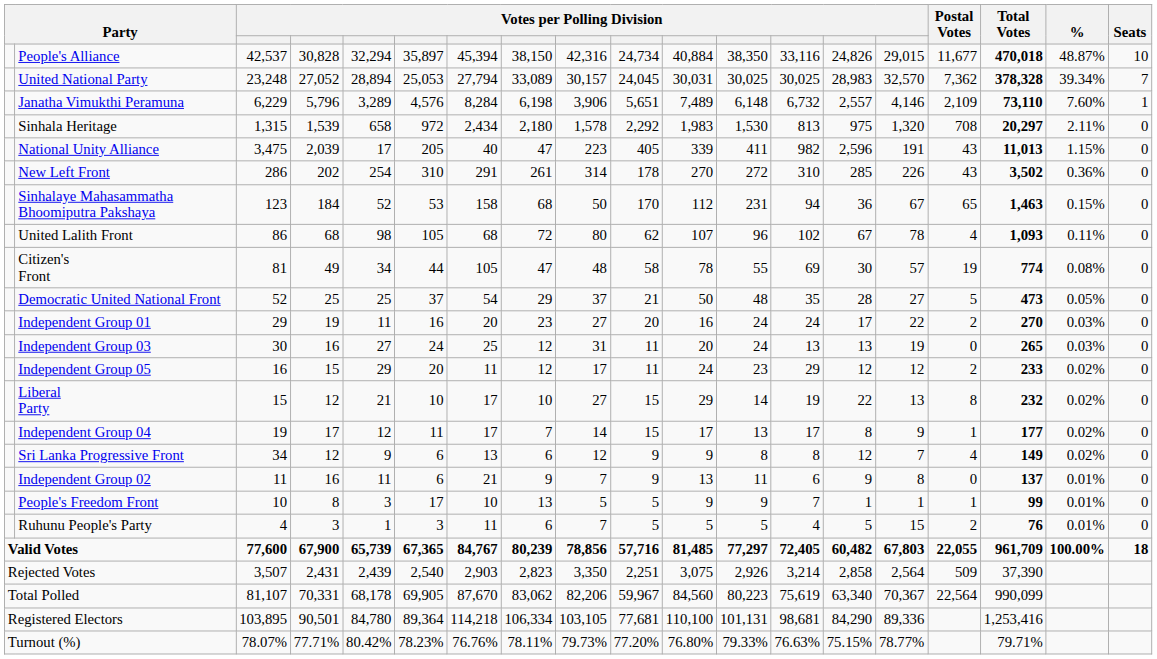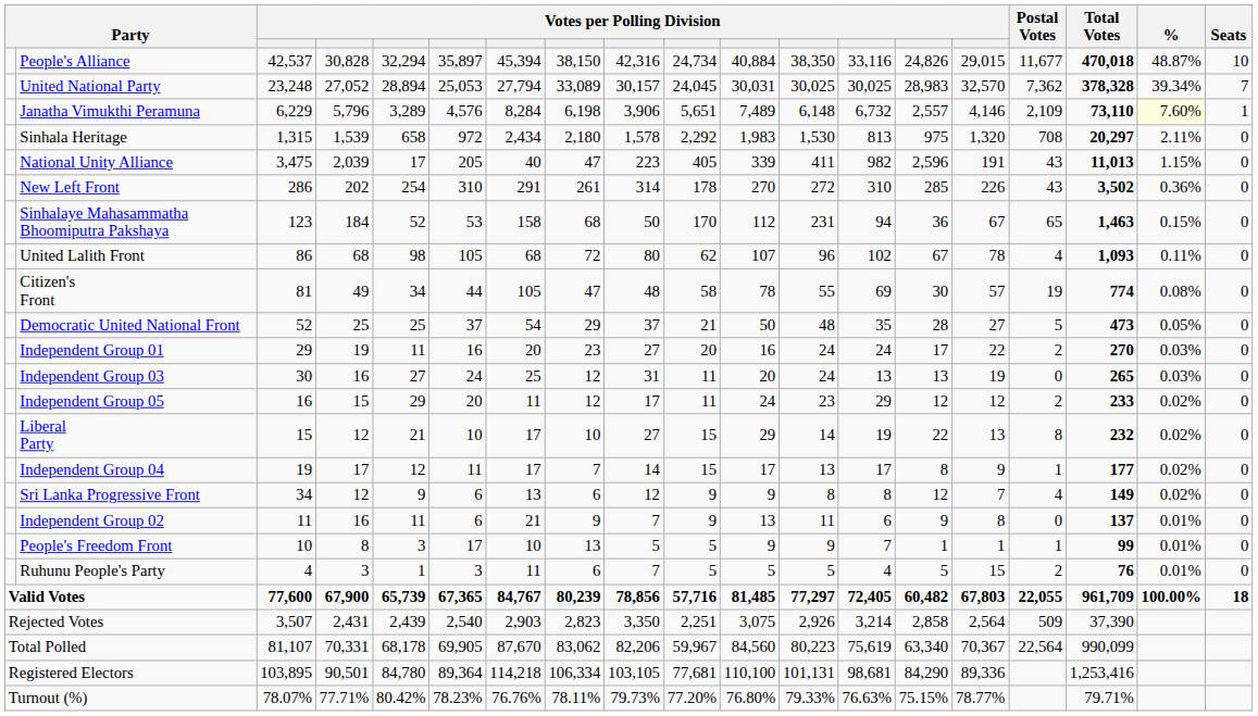 <table class="wikitable" border="1" style="text-align:right;">
 <tr>
 <th align=left valign=bottom rowspan=2 colspan=2>Party</th>
 <th colspan=13>Votes per Polling Division</th>
 <th align=center valign=bottom rowspan=2 width="50">Postal<br>Votes</th>
 <th align=center valign=bottom rowspan=2 width="50">Total Votes</th>
 <th align=center valign=bottom rowspan=2 width="50">%</th>
 <th align=center valign=bottom rowspan=2 width="40">Seats</th>
 </tr>
 <tr>
 <th></th>
 <th></th>
 <th></th>
 <th></th>
 <th></th>
 <th></th>
 <th></th>
 <th></th>
 <th></th>
 <th></th>
 <th></th>
 <th></th>
 <th></th>
 </tr>
 <tr>
 <td bgcolor=> </td>
 <td align=left><a href='#'>People's Alliance</a></td>
 <td>42,537</td>
 <td>30,828</td>
 <td>32,294</td>
 <td>35,897</td>
 <td>45,394</td>
 <td>38,150</td>
 <td>42,316</td>
 <td>24,734</td>
 <td>40,884</td>
 <td>38,350</td>
 <td>33,116</td>
 <td>24,826</td>
 <td>29,015</td>
 <td>11,677</td>
 <td><strong>470,018</strong></td>
 <td>48.87%</td>
 <td>10</td>
 </tr>
 <tr>
 <td bgcolor=> </td>
 <td align=left><a href='#'>United National Party</a></td>
 <td>23,248</td>
 <td>27,052</td>
 <td>28,894</td>
 <td>25,053</td>
 <td>27,794</td>
 <td>33,089</td>
 <td>30,157</td>
 <td>24,045</td>
 <td>30,031</td>
 <td>30,025</td>
 <td>30,025</td>
 <td>28,983</td>
 <td>32,570</td>
 <td>7,362</td>
 <td><strong>378,328</strong></td>
 <td>39.34%</td>
 <td>7</td>
 </tr>
 <tr>
 <td bgcolor=> </td>
 <td align=left><a href='#'>Janatha Vimukthi Peramuna</a></td>
 <td>6,229</td>
 <td>5,796</td>
 <td>3,289</td>
 <td>4,576</td>
 <td>8,284</td>
 <td>6,198</td>
 <td>3,906</td>
 <td>5,651</td>
 <td>7,489</td>
 <td>6,148</td>
 <td>6,732</td>
 <td>2,557</td>
 <td>4,146</td>
 <td>2,109</td>
 <td><strong>73,110</strong></td>
-<td>7.60%</td>
+<td style="background: lightyellow;">7.60%</td>
 <td>1</td>
 </tr>
 <tr>
 <td bgcolor=> </td>
 <td align=left>Sinhala Heritage</td>
 <td>1,315</td>
 <td>1,539</td>
 <td>658</td>
 <td>972</td>
 <td>2,434</td>
 <td>2,180</td>
 <td>1,578</td>
 <td>2,292</td>
 <td>1,983</td>
 <td>1,530</td>
 <td>813</td>
 <td>975</td>
 <td>1,320</td>
 <td>708</td>
 <td><strong>20,297</strong></td>
 <td>2.11%</td>
 <td>0</td>
 </tr>
 <tr>
 <td bgcolor=> </td>
 <td align=left><a href='#'>National Unity Alliance</a></td>
 <td>3,475</td>
 <td>2,039</td>
 <td>17</td>
 <td>205</td>
 <td>40</td>
 <td>47</td>
 <td>223</td>
 <td>405</td>
 <td>339</td>
 <td>411</td>
 <td>982</td>
 <td>2,596</td>
 <td>191</td>
 <td>43</td>
 <td><strong>11,013</strong></td>
 <td>1.15%</td>
 <td>0</td>
 </tr>
 <tr>
 <td bgcolor=> </td>
 <td align=left><a href='#'>New Left Front</a></td>
 <td>286</td>
 <td>202</td>
 <td>254</td>
 <td>310</td>
 <td>291</td>
 <td>261</td>
 <td>314</td>
 <td>178</td>
 <td>270</td>
 <td>272</td>
 <td>310</td>
 <td>285</td>
 <td>226</td>
 <td>43</td>
 <td><strong>3,502</strong></td>
 <td>0.36%</td>
 <td>0</td>
 </tr>
 <tr>
 <td bgcolor=> </td>
 <td align=left><a href='#'>Sinhalaye Mahasammatha Bhoomiputra Pakshaya</a></td>
 <td>123</td>
 <td>184</td>
 <td>52</td>
 <td>53</td>
 <td>158</td>
 <td>68</td>
 <td>50</td>
 <td>170</td>
 <td>112</td>
 <td>231</td>
 <td>94</td>
 <td>36</td>
 <td>67</td>
 <td>65</td>
 <td><strong>1,463</strong></td>
 <td>0.15%</td>
 <td>0</td>
 </tr>
 <tr>
 <td bgcolor=> </td>
 <td align=left>United Lalith Front</td>
 <td>86</td>
 <td>68</td>
 <td>98</td>
 <td>105</td>
 <td>68</td>
 <td>72</td>
 <td>80</td>
 <td>62</td>
 <td>107</td>
 <td>96</td>
 <td>102</td>
 <td>67</td>
 <td>78</td>
 <td>4</td>
 <td><strong>1,093</strong></td>
 <td>0.11%</td>
 <td>0</td>
 </tr>
 <tr>
 <td bgcolor=> </td>
 <td align=left>Citizen's<br>Front</td>
 <td>81</td>
 <td>49</td>
 <td>34</td>
 <td>44</td>
 <td>105</td>
 <td>47</td>
 <td>48</td>
 <td>58</td>
 <td>78</td>
 <td>55</td>
 <td>69</td>
 <td>30</td>
 <td>57</td>
 <td>19</td>
 <td><strong>774</strong></td>
 <td>0.08%</td>
 <td>0</td>
 </tr>
 <tr>
 <td bgcolor=> </td>
 <td align=left><a href='#'>Democratic United National Front</a></td>
 <td>52</td>
 <td>25</td>
 <td>25</td>
 <td>37</td>
 <td>54</td>
 <td>29</td>
 <td>37</td>
 <td>21</td>
 <td>50</td>
 <td>48</td>
 <td>35</td>
 <td>28</td>
 <td>27</td>
 <td>5</td>
 <td><strong>473</strong></td>
 <td>0.05%</td>
 <td>0</td>
 </tr>
 <tr>
 <td bgcolor=> </td>
 <td align=left><a href='#'>Independent Group 01</a></td>
 <td>29</td>
 <td>19</td>
 <td>11</td>
 <td>16</td>
 <td>20</td>
 <td>23</td>
 <td>27</td>
 <td>20</td>
 <td>16</td>
 <td>24</td>
 <td>24</td>
 <td>17</td>
 <td>22</td>
 <td>2</td>
 <td><strong>270</strong></td>
 <td>0.03%</td>
 <td>0</td>
 </tr>
 <tr>
 <td bgcolor=> </td>
 <td align=left><a href='#'>Independent Group 03</a></td>
 <td>30</td>
 <td>16</td>
 <td>27</td>
 <td>24</td>
 <td>25</td>
 <td>12</td>
 <td>31</td>
 <td>11</td>
 <td>20</td>
 <td>24</td>
 <td>13</td>
 <td>13</td>
 <td>19</td>
 <td>0</td>
 <td><strong>265</strong></td>
 <td>0.03%</td>
 <td>0</td>
 </tr>
 <tr>
 <td bgcolor=> </td>
 <td align=left><a href='#'>Independent Group 05</a></td>
 <td>16</td>
 <td>15</td>
 <td>29</td>
 <td>20</td>
 <td>11</td>
 <td>12</td>
 <td>17</td>
 <td>11</td>
 <td>24</td>
 <td>23</td>
 <td>29</td>
 <td>12</td>
 <td>12</td>
 <td>2</td>
 <td><strong>233</strong></td>
 <td>0.02%</td>
 <td>0</td>
 </tr>
 <tr>
 <td bgcolor=> </td>
 <td align=left><a href='#'>Liberal<br>Party</a></td>
 <td>15</td>
 <td>12</td>
 <td>21</td>
 <td>10</td>
 <td>17</td>
 <td>10</td>
 <td>27</td>
 <td>15</td>
 <td>29</td>
 <td>14</td>
 <td>19</td>
 <td>22</td>
 <td>13</td>
 <td>8</td>
 <td><strong>232</strong></td>
 <td>0.02%</td>
 <td>0</td>
 </tr>
 <tr>
 <td bgcolor=> </td>
 <td align=left><a href='#'>Independent Group 04</a></td>
 <td>19</td>
 <td>17</td>
 <td>12</td>
 <td>11</td>
 <td>17</td>
 <td>7</td>
 <td>14</td>
 <td>15</td>
 <td>17</td>
 <td>13</td>
 <td>17</td>
 <td>8</td>
 <td>9</td>
 <td>1</td>
 <td><strong>177</strong></td>
 <td>0.02%</td>
 <td>0</td>
 </tr>
 <tr>
 <td bgcolor=> </td>
 <td align=left><a href='#'>Sri Lanka Progressive Front</a></td>
 <td>34</td>
 <td>12</td>
 <td>9</td>
 <td>6</td>
 <td>13</td>
 <td>6</td>
 <td>12</td>
 <td>9</td>
 <td>9</td>
 <td>8</td>
 <td>8</td>
 <td>12</td>
 <td>7</td>
 <td>4</td>
 <td><strong>149</strong></td>
 <td>0.02%</td>
 <td>0</td>
 </tr>
 <tr>
 <td bgcolor=> </td>
 <td align=left><a href='#'>Independent Group 02</a></td>
 <td>11</td>
 <td>16</td>
 <td>11</td>
 <td>6</td>
 <td>21</td>
 <td>9</td>
 <td>7</td>
 <td>9</td>
 <td>13</td>
 <td>11</td>
 <td>6</td>
 <td>9</td>
 <td>8</td>
 <td>0</td>
 <td><strong>137</strong></td>
 <td>0.01%</td>
 <td>0</td>
 </tr>
 <tr>
 <td bgcolor=> </td>
 <td align=left><a href='#'>People's Freedom Front</a></td>
 <td>10</td>
 <td>8</td>
 <td>3</td>
 <td>17</td>
 <td>10</td>
 <td>13</td>
 <td>5</td>
 <td>5</td>
 <td>9</td>
 <td>9</td>
 <td>7</td>
 <td>1</td>
 <td>1</td>
 <td>1</td>
 <td><strong>99</strong></td>
 <td>0.01%</td>
 <td>0</td>
 </tr>
 <tr>
 <td bgcolor=> </td>
 <td align=left>Ruhunu People's Party</td>
 <td>4</td>
 <td>3</td>
 <td>1</td>
 <td>3</td>
 <td>11</td>
 <td>6</td>
 <td>7</td>
 <td>5</td>
 <td>5</td>
 <td>5</td>
 <td>4</td>
 <td>5</td>
 <td>15</td>
 <td>2</td>
 <td><strong>76</strong></td>
 <td>0.01%</td>
 <td>0</td>
 </tr>
 <tr>
 <td align=left colspan=2><strong>Valid Votes</strong></td>
 <td><strong>77,600</strong></td>
 <td><strong>67,900</strong></td>
 <td><strong>65,739</strong></td>
 <td><strong>67,365</strong></td>
 <td><strong>84,767</strong></td>
 <td><strong>80,239</strong></td>
 <td><strong>78,856</strong></td>
 <td><strong>57,716</strong></td>
 <td><strong>81,485</strong></td>
 <td><strong>77,297</strong></td>
 <td><strong>72,405</strong></td>
 <td><strong>60,482</strong></td>
 <td><strong>67,803</strong></td>
 <td><strong>22,055</strong></td>
 <td><strong>961,709</strong></td>
 <td><strong>100.00%</strong></td>
 <td><strong>18</strong></td>
 </tr>
 <tr>
 <td align=left colspan=2>Rejected Votes</td>
 <td>3,507</td>
 <td>2,431</td>
 <td>2,439</td>
 <td>2,540</td>
 <td>2,903</td>
 <td>2,823</td>
 <td>3,350</td>
 <td>2,251</td>
 <td>3,075</td>
 <td>2,926</td>
 <td>3,214</td>
 <td>2,858</td>
 <td>2,564</td>
 <td>509</td>
 <td>37,390</td>
 <td></td>
 <td></td>
 </tr>
 <tr>
 <td align=left colspan=2>Total Polled</td>
 <td>81,107</td>
 <td>70,331</td>
 <td>68,178</td>
 <td>69,905</td>
 <td>87,670</td>
 <td>83,062</td>
 <td>82,206</td>
 <td>59,967</td>
 <td>84,560</td>
 <td>80,223</td>
 <td>75,619</td>
 <td>63,340</td>
 <td>70,367</td>
 <td>22,564</td>
 <td>990,099</td>
 <td></td>
 <td></td>
 </tr>
 <tr>
 <td align=left colspan=2>Registered Electors</td>
 <td>103,895</td>
 <td>90,501</td>
 <td>84,780</td>
 <td>89,364</td>
 <td>114,218</td>
 <td>106,334</td>
 <td>103,105</td>
 <td>77,681</td>
 <td>110,100</td>
 <td>101,131</td>
 <td>98,681</td>
 <td>84,290</td>
 <td>89,336</td>
 <td></td>
 <td>1,253,416</td>
 <td></td>
 <td></td>
 </tr>
 <tr>
 <td align=left colspan=2>Turnout (%)</td>
 <td>78.07%</td>
 <td>77.71%</td>
 <td>80.42%</td>
 <td>78.23%</td>
 <td>76.76%</td>
 <td>78.11%</td>
 <td>79.73%</td>
 <td>77.20%</td>
 <td>76.80%</td>
 <td>79.33%</td>
 <td>76.63%</td>
 <td>75.15%</td>
 <td>78.77%</td>
 <td></td>
 <td>79.71%</td>
 <td></td>
 <td></td>
 </tr>
 </table>
